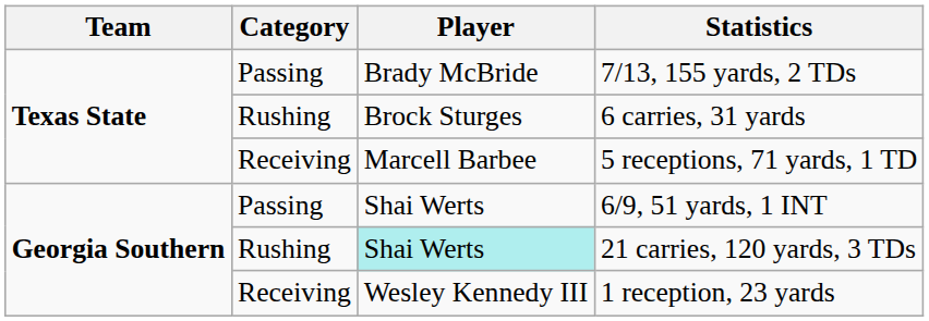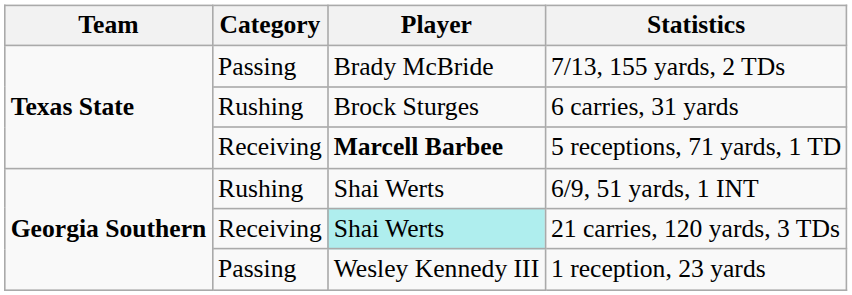 <table class="wikitable" style="float: left;">
 <tr>
 <th>Team</th>
 <th>Category</th>
 <th>Player</th>
 <th>Statistics</th>
 </tr>
 <tr>
 <td rowspan=3><strong>Texas State</strong></td>
 <td>Passing</td>
 <td>Brady McBride</td>
 <td>7/13, 155 yards, 2 TDs</td>
 </tr>
 <tr>
 <td>Rushing</td>
 <td>Brock Sturges</td>
 <td>6 carries, 31 yards</td>
 </tr>
 <tr>
 <td>Receiving</td>
-<td>Marcell Barbee</td>
+<td><strong>Marcell Barbee</strong></td>
 <td>5 receptions, 71 yards, 1 TD</td>
 </tr>
 <tr>
 <td rowspan=3><strong>Georgia Southern</strong></td>
-<td>Passing</td>
+<td>Rushing</td>
 <td>Shai Werts</td>
 <td>6/9, 51 yards, 1 INT</td>
 </tr>
 <tr>
-<td>Rushing</td>
+<td>Receiving</td>
 <td style="background: paleturquoise;">Shai Werts</td>
 <td>21 carries, 120 yards, 3 TDs</td>
 </tr>
 <tr>
-<td>Receiving</td>
+<td>Passing</td>
 <td>Wesley Kennedy III</td>
 <td>1 reception, 23 yards</td>
 </tr>
 </table>
